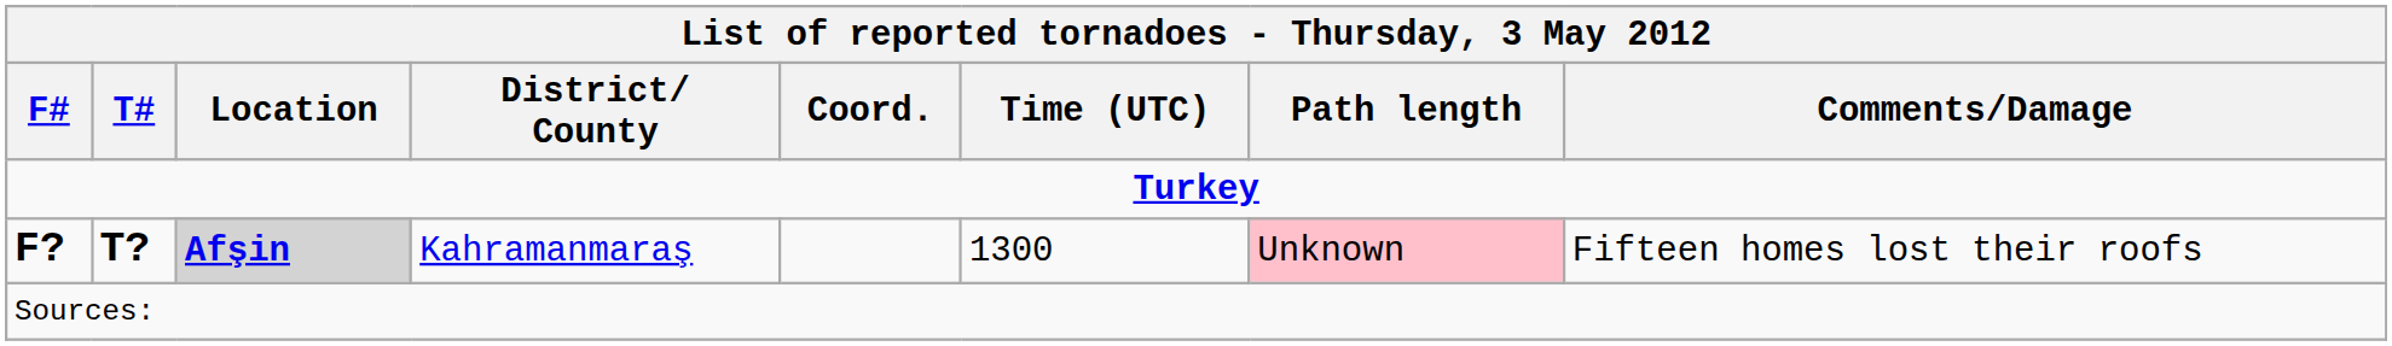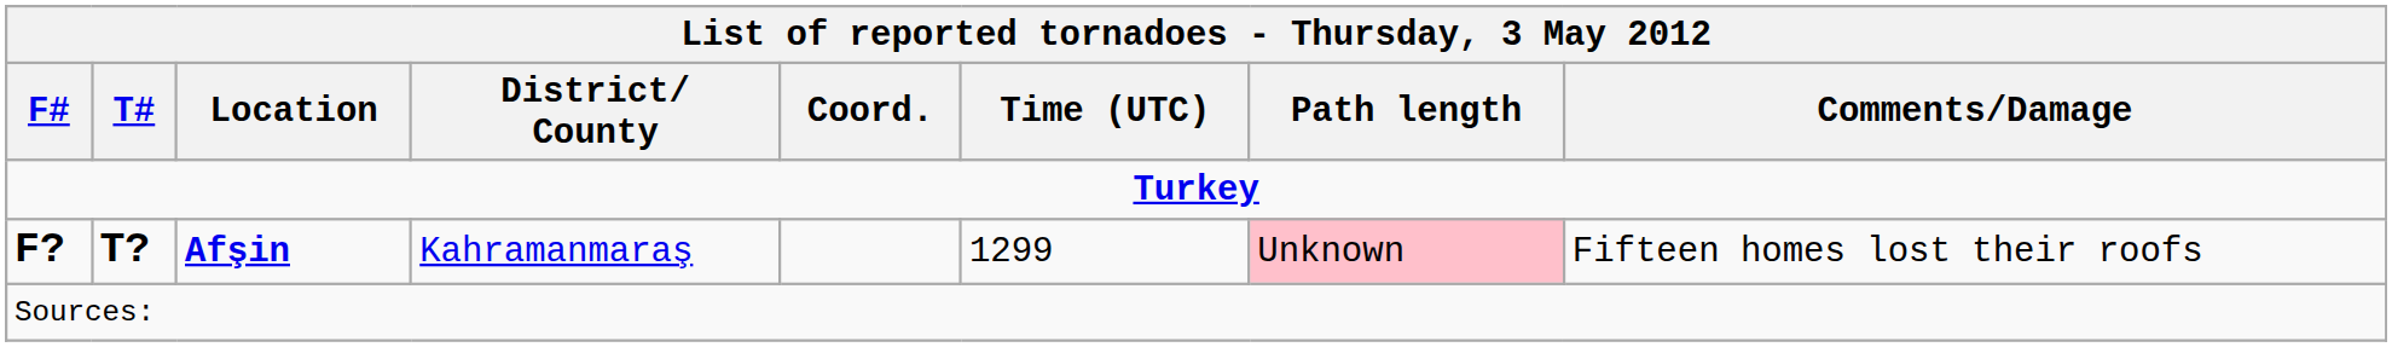 <table class="wikitable collapsible" width="100%">
 <tr>
 <th colspan="8">List of reported tornadoes - Thursday, 3 May 2012</th>
 </tr>
 <tr>
 <th><a href='#'>F#</a></th>
 <th><a href='#'>T#</a></th>
 <th>Location</th>
 <th>District/<br>County</th>
 <th>Coord.</th>
 <th>Time (UTC)</th>
 <th>Path length</th>
 <th>Comments/Damage</th>
 </tr>
 <tr>
 <td colspan="8" align=center><strong><a href='#'>Turkey</a></strong></td>
 </tr>
 <tr>
 <td><big><strong>F?</strong></big></td>
 <td><big><strong>T?</strong></big></td>
-<td style="background: lightgrey;"><strong><a href='#'>Afşin</a></strong></td>
+<td><strong><a href='#'>Afşin</a></strong></td>
 <td><a href='#'>Kahramanmaraş</a></td>
 <td></td>
-<td>1300</td>
+<td>1299</td>
 <td style="background: pink;">Unknown</td>
 <td>Fifteen homes lost their roofs</td>
 </tr>
 <tr>
 <td colspan="8"><small>Sources:  </small></td>
 </tr>
 </table>
